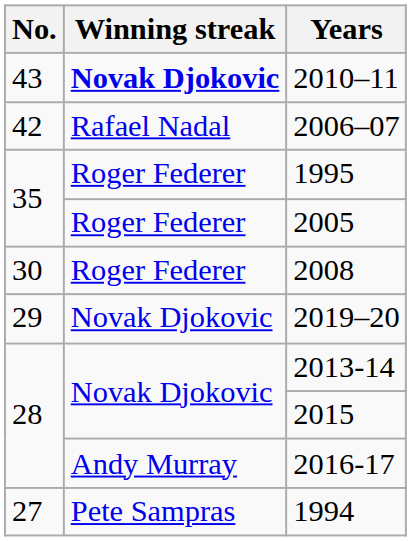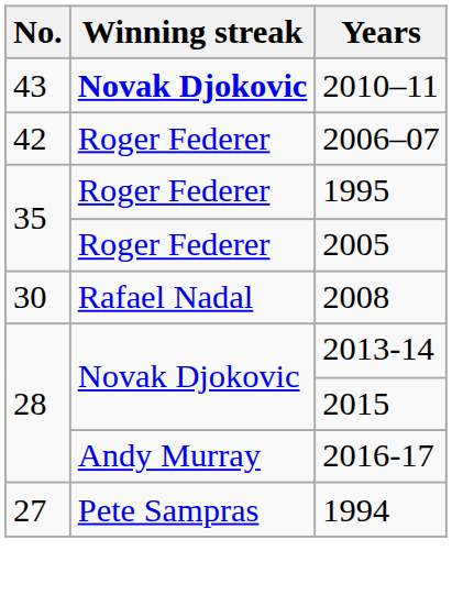 <table class="wikitable" style="display:inline-table;">
 <tr>
 <th>No.</th>
 <th>Winning streak</th>
 <th>Years</th>
 </tr>
 <tr>
 <td>43</td>
 <td> <strong><a href='#'>Novak Djokovic</a></strong></td>
 <td>2010–11</td>
 </tr>
 <tr>
 <td>42</td>
-<td> <a href='#'>Rafael Nadal</a></td>
+<td> <a href='#'>Roger Federer</a></td>
 <td>2006–07</td>
 </tr>
 <tr>
 <td rowspan=2>35</td>
 <td> <a href='#'>Roger Federer</a></td>
 <td>1995</td>
 </tr>
 <tr>
 <td> <a href='#'>Roger Federer</a></td>
 <td>2005</td>
 </tr>
 <tr>
 <td>30</td>
-<td> <a href='#'>Roger Federer</a></td>
+<td> <a href='#'>Rafael Nadal</a></td>
 <td>2008</td>
-</tr>
-<tr>
-<td>29</td>
-<td> <a href='#'>Novak Djokovic</a></td>
-<td>2019–20</td>
 </tr>
 <tr>
 <td rowspan=3>28</td>
 <td rowspan=2> <a href='#'>Novak Djokovic</a></td>
 <td>2013-14</td>
 </tr>
 <tr>
 <td>2015</td>
 </tr>
 <tr>
 <td> <a href='#'>Andy Murray</a></td>
 <td>2016-17</td>
 </tr>
 <tr>
 <td>27</td>
 <td> <a href='#'>Pete Sampras</a></td>
 <td>1994</td>
 </tr>
 </table>
